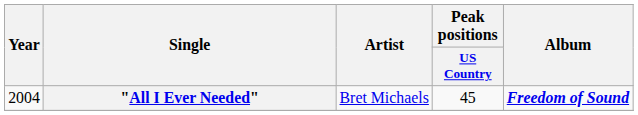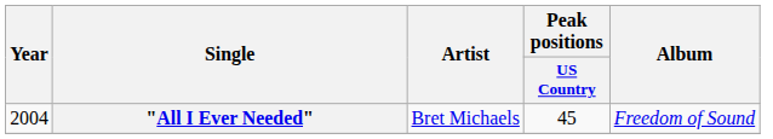 <table class="wikitable plainrowheaders" style="text-align:center;">
 <tr>
 <th rowspan="2">Year</th>
 <th rowspan="2" style="width:18em;">Single</th>
 <th rowspan="2">Artist</th>
 <th>Peak positions</th>
 <th rowspan="2">Album</th>
 </tr>
 <tr style="font-size:smaller;">
 <th width="65"><a href='#'>US Country</a></th>
 </tr>
 <tr>
 <td>2004</td>
 <th scope="row">"<a href='#'>All I Ever Needed</a>"</th>
 <td><a href='#'>Bret Michaels</a></td>
 <td>45</td>
-<td align="left"><strong><em><a href='#'>Freedom of Sound</a></em></strong></td>
+<td align="left"><em><a href='#'>Freedom of Sound</a></em></td>
 </tr>
 <tr>
 </tr>
 </table>
